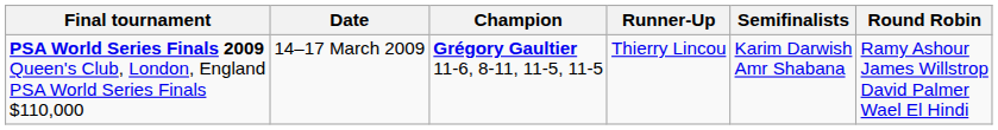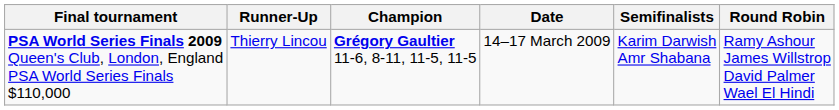 <table class="wikitable" style="font-size:88%">
 <tr>
 <th>Final tournament</th>
+<th>Runner-Up</th>
+<th>Champion</th>
 <th>Date</th>
-<th>Champion</th>
-<th>Runner-Up</th>
 <th>Semifinalists</th>
 <th>Round Robin</th>
 </tr>
 <tr valign=top>
 <td><strong><a href='#'>PSA World Series Finals</a> 2009</strong><br> <a href='#'>Queen's Club</a>, <a href='#'>London</a>, England<br><a href='#'>PSA World Series Finals</a><br>$110,000</td>
+<td> <a href='#'>Thierry Lincou</a></td>
+<td> <strong><a href='#'>Grégory Gaultier</a></strong><br>11-6, 8-11, 11-5, 11-5</td>
 <td>14–17 March 2009</td>
-<td> <strong><a href='#'>Grégory Gaultier</a></strong><br>11-6, 8-11, 11-5, 11-5</td>
-<td> <a href='#'>Thierry Lincou</a></td>
 <td> <a href='#'>Karim Darwish</a><br> <a href='#'>Amr Shabana</a></td>
 <td> <a href='#'>Ramy Ashour</a><br> <a href='#'>James Willstrop</a><br> <a href='#'>David Palmer</a><br> <a href='#'>Wael El Hindi</a></td>
 </tr>
 </table>
